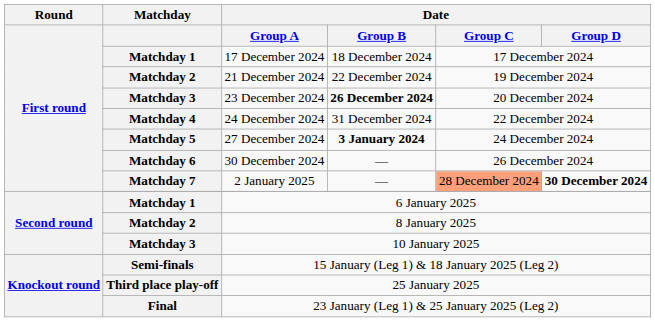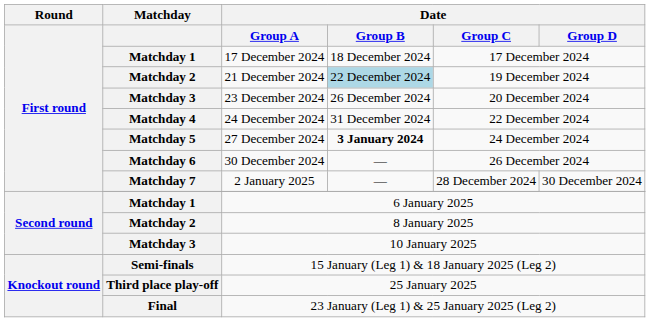 <table class="wikitable" style="text-align:center">
 <tr>
 <th align="center">Round</th>
 <th align="center">Matchday</th>
 <th align="center" colspan="4">Date</th>
 </tr>
 <tr>
 <th rowspan="8"><a href='#'>First round</a></th>
 <th></th>
 <th><a href='#'>Group A</a></th>
 <th><a href='#'>Group B</a></th>
 <th><a href='#'>Group C</a></th>
 <th><a href='#'>Group D</a></th>
 </tr>
 <tr>
 <th>Matchday 1</th>
 <td>17 December 2024</td>
 <td>18 December 2024</td>
 <td colspan="2">17 December 2024</td>
 </tr>
 <tr>
 <th>Matchday 2</th>
 <td>21 December 2024</td>
-<td>22 December 2024</td>
+<td style="background: lightblue;">22 December 2024</td>
 <td colspan="2">19 December 2024</td>
 </tr>
 <tr>
 <th>Matchday 3</th>
 <td>23 December 2024</td>
-<td><strong>26 December 2024</strong></td>
+<td>26 December 2024</td>
 <td colspan="2">20 December 2024</td>
 </tr>
 <tr>
 <th>Matchday 4</th>
 <td>24 December 2024</td>
 <td>31 December 2024</td>
 <td colspan="2">22 December 2024</td>
 </tr>
 <tr>
 <th>Matchday 5</th>
 <td>27 December 2024</td>
 <td><strong>3 January 2024</strong></td>
 <td colspan="2">24 December 2024</td>
 </tr>
 <tr>
 <th>Matchday 6</th>
 <td>30 December 2024</td>
 <td align=center>—</td>
 <td colspan="2">26 December 2024</td>
 </tr>
 <tr>
 <th>Matchday 7</th>
 <td>2 January 2025</td>
 <td align=center>—</td>
-<td style="background: lightsalmon;">28 December 2024</td>
-<td><strong>30 December 2024</strong></td>
+<td>28 December 2024</td>
+<td>30 December 2024</td>
 </tr>
 <tr>
 <th rowspan="4"><a href='#'>Second round</a></th>
 </tr>
 <tr>
 <th>Matchday 1</th>
 <td colspan="4" align="center">6 January 2025</td>
 </tr>
 <tr>
 <th>Matchday 2</th>
 <td colspan="4" align="center">8 January 2025</td>
 </tr>
 <tr>
 <th>Matchday 3</th>
 <td colspan="4" align="center">10 January 2025</td>
 </tr>
 <tr>
 <th rowspan="3"><a href='#'>Knockout round</a></th>
 <th>Semi-finals</th>
 <td colspan="4" align="center">15 January (Leg 1) & 18 January 2025 (Leg 2)</td>
 </tr>
 <tr>
 <th>Third place play-off</th>
 <td colspan="4" align="center">25 January 2025</td>
 </tr>
 <tr>
 <th>Final</th>
 <td colspan="4" align="center">23 January (Leg 1) & 25 January 2025 (Leg 2)</td>
 </tr>
 </table>
